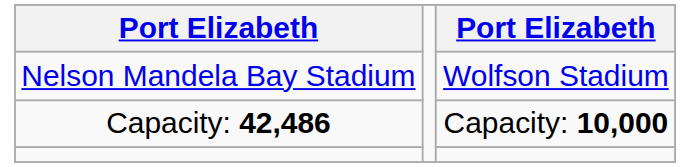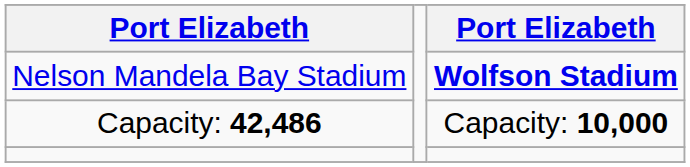 <table class="wikitable" style="text-align:center; margin:0.2em auto;">
 <tr>
 <th><a href='#'>Port Elizabeth</a></th>
 <td rowspan="4"></td>
 <th><a href='#'>Port Elizabeth</a></th>
 </tr>
 <tr>
 <td><a href='#'>Nelson Mandela Bay Stadium</a></td>
-<td><a href='#'>Wolfson Stadium</a></td>
+<td><strong><a href='#'>Wolfson Stadium</a></strong></td>
 </tr>
 <tr>
 <td>Capacity: <strong>42,486</strong></td>
 <td>Capacity: <strong>10,000</strong></td>
 </tr>
 <tr>
 <td></td>
 <td></td>
 </tr>
 </table>
